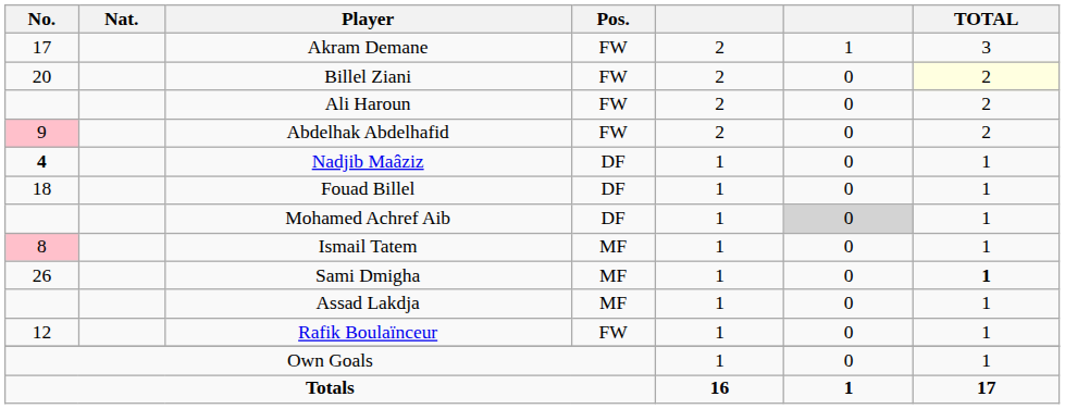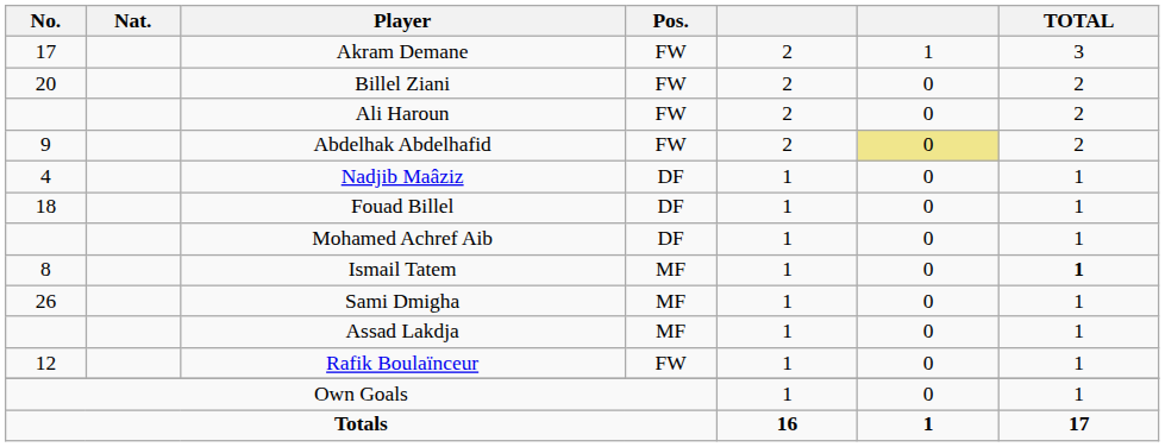 <table class="wikitable sortable alternance"  style="font-size:85%; text-align:center; line-height:14px; width:60%;">
 <tr>
 <th width=10>No.</th>
 <th width=10>Nat.</th>
 <th width=140>Player</th>
 <th width=10>Pos.</th>
 <th width=40></th>
 <th width=40></th>
 <th width=10>TOTAL</th>
 </tr>
 <tr>
 <td>17</td>
 <td></td>
 <td>Akram Demane</td>
 <td>FW</td>
 <td>2</td>
 <td>1</td>
 <td>3</td>
 </tr>
 <tr>
 <td>20</td>
 <td></td>
 <td>Billel Ziani</td>
 <td>FW</td>
 <td>2</td>
 <td>0</td>
-<td style="background: lightyellow;">2</td>
+<td>2</td>
 </tr>
 <tr>
 <td></td>
 <td></td>
 <td>Ali Haroun</td>
 <td>FW</td>
 <td>2</td>
 <td>0</td>
 <td>2</td>
 </tr>
 <tr>
-<td style="background: pink;">9</td>
+<td>9</td>
 <td></td>
 <td>Abdelhak Abdelhafid</td>
 <td>FW</td>
 <td>2</td>
-<td>0</td>
+<td style="background: khaki;">0</td>
 <td>2</td>
 </tr>
 <tr>
-<td><strong>4</strong></td>
+<td>4</td>
 <td></td>
 <td><a href='#'>Nadjib Maâziz</a></td>
 <td>DF</td>
 <td>1</td>
 <td>0</td>
 <td>1</td>
 </tr>
 <tr>
 <td>18</td>
 <td></td>
 <td>Fouad Billel</td>
 <td>DF</td>
 <td>1</td>
 <td>0</td>
 <td>1</td>
 </tr>
 <tr>
 <td></td>
 <td></td>
 <td>Mohamed Achref Aib</td>
 <td>DF</td>
 <td>1</td>
-<td style="background: lightgrey;">0</td>
+<td>0</td>
 <td>1</td>
 </tr>
 <tr>
-<td style="background: pink;">8</td>
+<td>8</td>
 <td></td>
 <td>Ismail Tatem</td>
 <td>MF</td>
 <td>1</td>
 <td>0</td>
-<td>1</td>
+<td><strong>1</strong></td>
 </tr>
 <tr>
 <td>26</td>
 <td></td>
 <td>Sami Dmigha</td>
 <td>MF</td>
 <td>1</td>
 <td>0</td>
-<td><strong>1</strong></td>
+<td>1</td>
 </tr>
 <tr>
 <td></td>
 <td></td>
 <td>Assad Lakdja</td>
 <td>MF</td>
 <td>1</td>
 <td>0</td>
 <td>1</td>
 </tr>
 <tr>
 <td>12</td>
 <td></td>
 <td><a href='#'>Rafik Boulaïnceur</a></td>
 <td>FW</td>
 <td>1</td>
 <td>0</td>
 <td>1</td>
 </tr>
 <tr>
 </tr>
 <tr class="sortbottom">
 <td colspan="4">Own Goals</td>
 <td>1</td>
 <td>0</td>
 <td>1</td>
 </tr>
 <tr class="sortbottom">
 <td colspan="4"><strong>Totals</strong></td>
 <td><strong>16</strong></td>
 <td><strong>1</strong></td>
 <td><strong>17</strong></td>
 </tr>
 </table>
